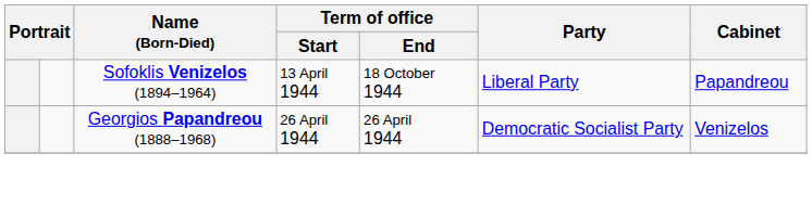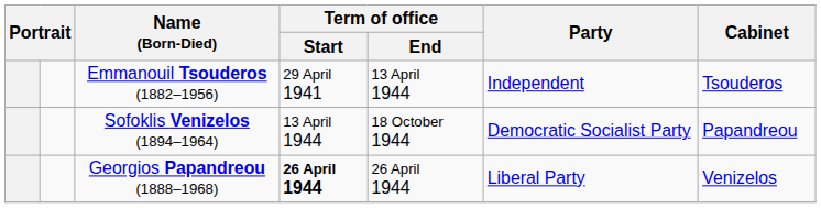 <table class="wikitable" style="text-align:left">
 <tr>
 <th rowspan=2 colspan="2" width=40>Portrait</th>
 <th rowspan="2" width=180>Name<br><small>(Born-Died)</small></th>
 <th colspan=2 width=180>Term of office</th>
 <th rowspan="2" width=190>Party</th>
 <th rowspan="2" width=100>Cabinet</th>
 </tr>
 <tr>
 <th>Start</th>
 <th>End</th>
 </tr>
 <tr>
 <th style="background: "></th>
 <td></td>
+<td align="center"><a href='#'>Emmanouil <strong>Tsouderos</strong></a><br><small>(1882–1956)</small></td>
+<td><small>29 April</small><br>1941</td>
+<td><small>13 April</small><br>1944</td>
+<td><a href='#'>Independent</a></td>
+<td><a href='#'>Tsouderos</a></td>
+</tr>
+<tr>
+<th style="background: "></th>
+<td></td>
 <td align="center"><a href='#'>Sofoklis <strong>Venizelos</strong></a><br><small>(1894–1964)</small></td>
 <td><small>13 April</small><br>1944</td>
 <td><small>18 October</small><br>1944</td>
-<td><a href='#'>Liberal Party</a></td>
+<td><a href='#'>Democratic Socialist Party</a></td>
 <td><a href='#'>Papandreou</a></td>
 </tr>
 <tr>
 <th style="background: "></th>
 <td></td>
 <td align="center"><a href='#'>Georgios <strong>Papandreou</strong></a><br><small>(1888–1968)</small></td>
+<td><strong><small>26 April</small><br>1944</strong></td>
 <td><small>26 April</small><br>1944</td>
-<td><small>26 April</small><br>1944</td>
-<td><a href='#'>Democratic Socialist Party</a></td>
+<td><a href='#'>Liberal Party</a></td>
 <td><a href='#'>Venizelos</a></td>
 </tr>
 <tr>
 </tr>
 </table>
